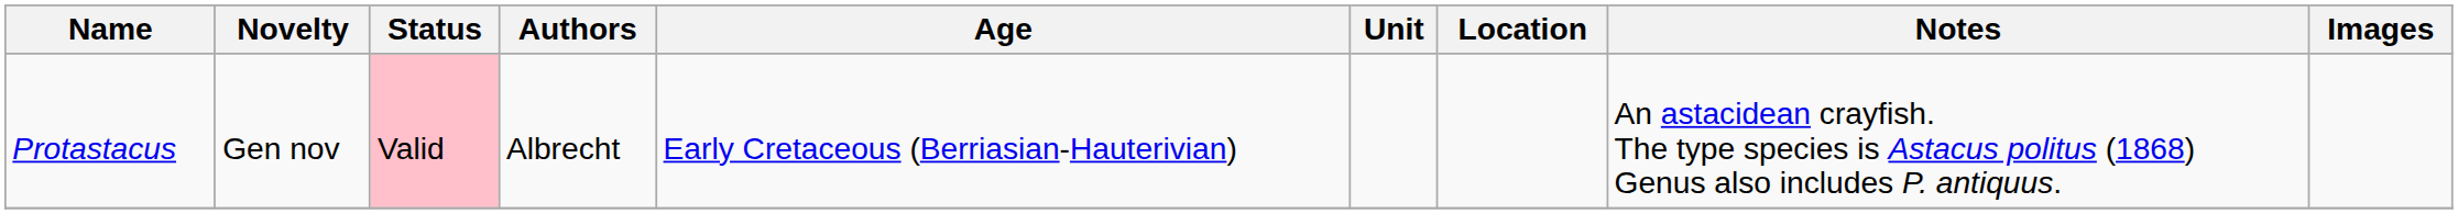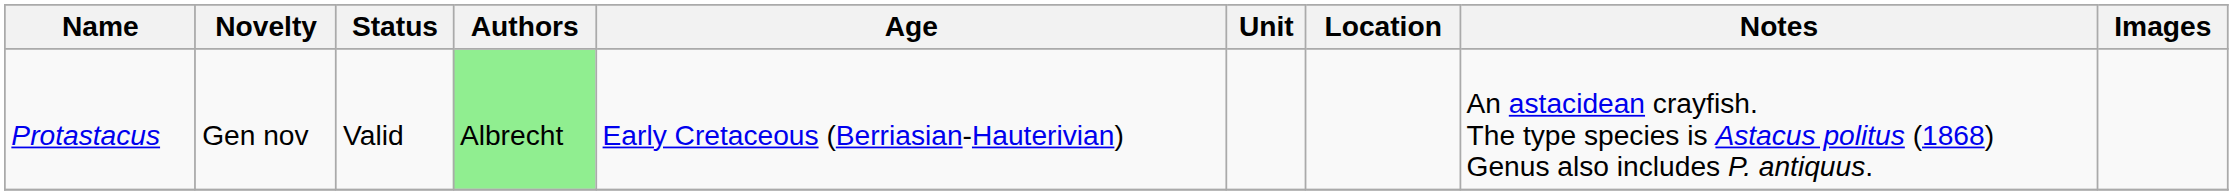 <table class="wikitable sortable" align="center" width="100%">
 <tr>
 <th>Name</th>
 <th>Novelty</th>
 <th>Status</th>
 <th>Authors</th>
 <th>Age</th>
 <th>Unit</th>
 <th>Location</th>
 <th>Notes</th>
 <th>Images</th>
 </tr>
 <tr>
 <td><br><em><a href='#'>Protastacus</a></em></td>
 <td><br>Gen nov</td>
-<td style="background: pink;"><br>Valid</td>
-<td><br>Albrecht</td>
+<td><br>Valid</td>
+<td style="background: lightgreen;"><br>Albrecht</td>
 <td><br><a href='#'>Early Cretaceous</a> (<a href='#'>Berriasian</a>-<a href='#'>Hauterivian</a>)</td>
 <td></td>
 <td><br></td>
 <td><br>An <a href='#'>astacidean</a> crayfish.<br> The type species is <em><a href='#'>Astacus politus</a></em> (<a href='#'>1868</a>)<br> Genus also includes <em>P. antiquus</em>.</td>
 <td></td>
 </tr>
 <tr>
 </tr>
 </table>
